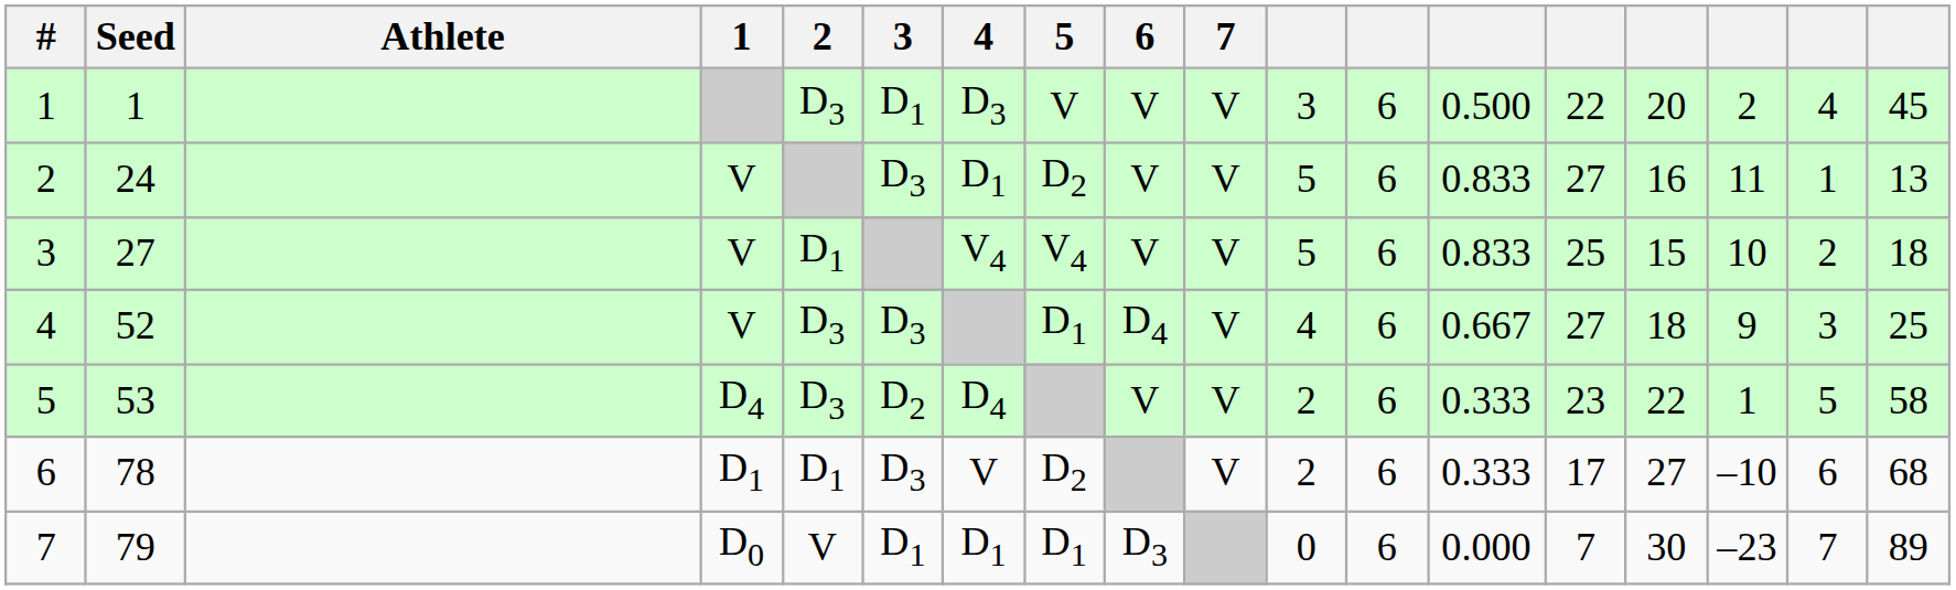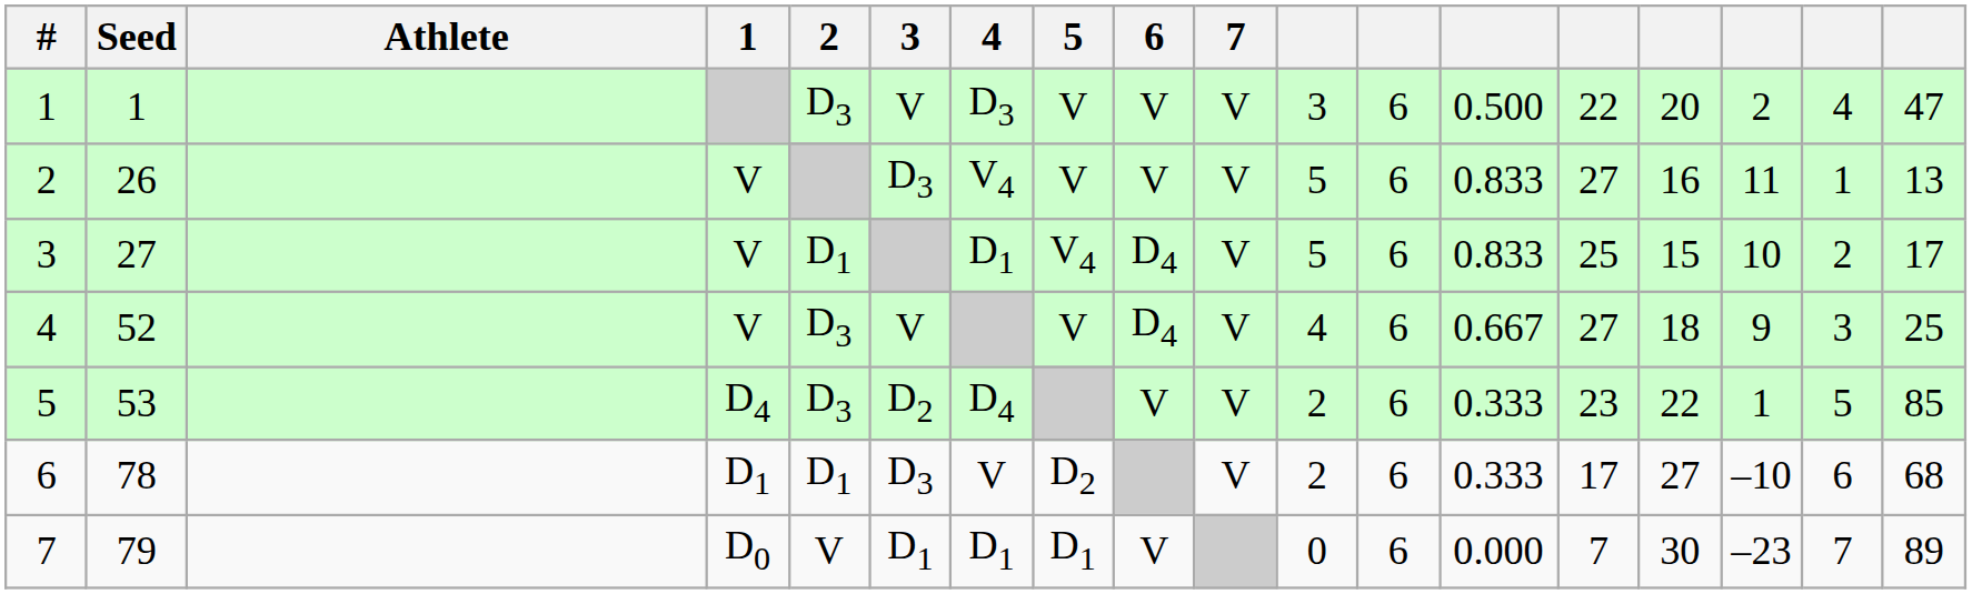 <table class="wikitable" style="text-align:center">
 <tr>
 <th width="25">#</th>
 <th width="25">Seed</th>
 <th width="200">Athlete</th>
 <th width="25">1</th>
 <th width="25">2</th>
 <th width="25">3</th>
 <th width="25">4</th>
 <th width="25">5</th>
 <th width="25">6</th>
 <th width="25">7</th>
 <th width="25"></th>
 <th width="25"></th>
 <th width="40"></th>
 <th width="25"></th>
 <th width="25"></th>
 <th width="25"></th>
 <th width="25"></th>
 <th width="25"></th>
 </tr>
 <tr bgcolor="#ccffcc">
 <td>1</td>
 <td>1</td>
 <td align=left></td>
 <td bgcolor="#cccccc"></td>
 <td>D<sub>3</sub></td>
-<td>D<sub>1</sub></td>
+<td>V</td>
 <td>D<sub>3</sub></td>
 <td>V</td>
 <td>V</td>
 <td>V</td>
 <td>3</td>
 <td>6</td>
 <td>0.500</td>
 <td>22</td>
 <td>20</td>
 <td>2</td>
 <td>4</td>
-<td>45</td>
+<td>47</td>
 </tr>
 <tr bgcolor="#ccffcc">
 <td>2</td>
-<td>24</td>
+<td>26</td>
 <td align=left></td>
 <td>V</td>
 <td bgcolor="#cccccc"></td>
 <td>D<sub>3</sub></td>
-<td>D<sub>1</sub></td>
-<td>D<sub>2</sub></td>
+<td>V<sub>4</sub></td>
+<td>V</td>
 <td>V</td>
 <td>V</td>
 <td>5</td>
 <td>6</td>
 <td>0.833</td>
 <td>27</td>
 <td>16</td>
 <td>11</td>
 <td>1</td>
 <td>13</td>
 </tr>
 <tr bgcolor="#ccffcc">
 <td>3</td>
 <td>27</td>
 <td align=left></td>
 <td>V</td>
 <td>D<sub>1</sub></td>
 <td bgcolor="#cccccc"></td>
+<td>D<sub>1</sub></td>
 <td>V<sub>4</sub></td>
-<td>V<sub>4</sub></td>
-<td>V</td>
+<td>D<sub>4</sub></td>
 <td>V</td>
 <td>5</td>
 <td>6</td>
 <td>0.833</td>
 <td>25</td>
 <td>15</td>
 <td>10</td>
 <td>2</td>
-<td>18</td>
+<td>17</td>
 </tr>
 <tr bgcolor="#ccffcc">
 <td>4</td>
 <td>52</td>
 <td align=left></td>
 <td>V</td>
 <td>D<sub>3</sub></td>
-<td>D<sub>3</sub></td>
+<td>V</td>
 <td bgcolor="#cccccc"></td>
-<td>D<sub>1</sub></td>
+<td>V</td>
 <td>D<sub>4</sub></td>
 <td>V</td>
 <td>4</td>
 <td>6</td>
 <td>0.667</td>
 <td>27</td>
 <td>18</td>
 <td>9</td>
 <td>3</td>
 <td>25</td>
 </tr>
 <tr bgcolor="#ccffcc">
 <td>5</td>
 <td>53</td>
 <td align=left></td>
 <td>D<sub>4</sub></td>
 <td>D<sub>3</sub></td>
 <td>D<sub>2</sub></td>
 <td>D<sub>4</sub></td>
 <td bgcolor="#cccccc"></td>
 <td>V</td>
 <td>V</td>
 <td>2</td>
 <td>6</td>
 <td>0.333</td>
 <td>23</td>
 <td>22</td>
 <td>1</td>
 <td>5</td>
-<td>58</td>
+<td>85</td>
 </tr>
 <tr>
 <td>6</td>
 <td>78</td>
 <td align=left></td>
 <td>D<sub>1</sub></td>
 <td>D<sub>1</sub></td>
 <td>D<sub>3</sub></td>
 <td>V</td>
 <td>D<sub>2</sub></td>
 <td bgcolor="#cccccc"></td>
 <td>V</td>
 <td>2</td>
 <td>6</td>
 <td>0.333</td>
 <td>17</td>
 <td>27</td>
 <td>–10</td>
 <td>6</td>
 <td>68</td>
 </tr>
 <tr>
 <td>7</td>
 <td>79</td>
 <td align=left></td>
 <td>D<sub>0</sub></td>
 <td>V</td>
 <td>D<sub>1</sub></td>
 <td>D<sub>1</sub></td>
 <td>D<sub>1</sub></td>
-<td>D<sub>3</sub></td>
+<td>V</td>
 <td bgcolor="#cccccc"></td>
 <td>0</td>
 <td>6</td>
 <td>0.000</td>
 <td>7</td>
 <td>30</td>
 <td>–23</td>
 <td>7</td>
 <td>89</td>
 </tr>
 </table>
